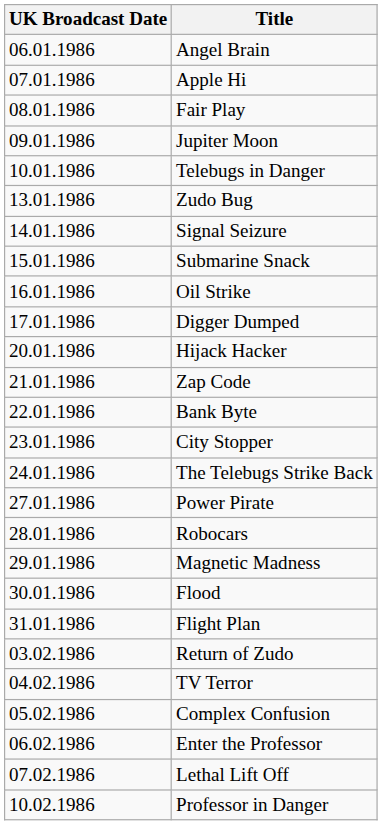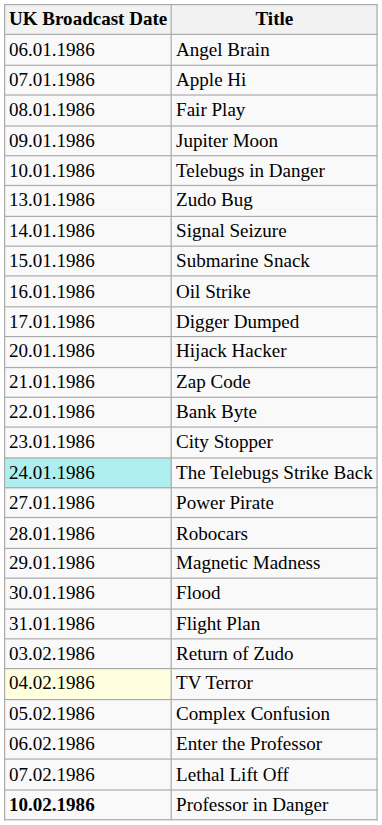 <table class="wikitable mw-collapsible mw-collapsed">
 <tr>
 <th>UK Broadcast Date</th>
 <th>Title</th>
 </tr>
 <tr>
 <td>06.01.1986</td>
 <td>Angel Brain</td>
 </tr>
 <tr>
 <td>07.01.1986</td>
 <td>Apple Hi</td>
 </tr>
 <tr>
 <td>08.01.1986</td>
 <td>Fair Play</td>
 </tr>
 <tr>
 <td>09.01.1986</td>
 <td>Jupiter Moon</td>
 </tr>
 <tr>
 <td>10.01.1986</td>
 <td>Telebugs in Danger</td>
 </tr>
 <tr>
 <td>13.01.1986</td>
 <td>Zudo Bug</td>
 </tr>
 <tr>
 <td>14.01.1986</td>
 <td>Signal Seizure</td>
 </tr>
 <tr>
 <td>15.01.1986</td>
 <td>Submarine Snack</td>
 </tr>
 <tr>
 <td>16.01.1986</td>
 <td>Oil Strike</td>
 </tr>
 <tr>
 <td>17.01.1986</td>
 <td>Digger Dumped</td>
 </tr>
 <tr>
 <td>20.01.1986</td>
 <td>Hijack Hacker</td>
 </tr>
 <tr>
 <td>21.01.1986</td>
 <td>Zap Code</td>
 </tr>
 <tr>
 <td>22.01.1986</td>
 <td>Bank Byte</td>
 </tr>
 <tr>
 <td>23.01.1986</td>
 <td>City Stopper</td>
 </tr>
 <tr>
-<td>24.01.1986</td>
+<td style="background: paleturquoise;">24.01.1986</td>
 <td>The Telebugs Strike Back</td>
 </tr>
 <tr>
 <td>27.01.1986</td>
 <td>Power Pirate</td>
 </tr>
 <tr>
 <td>28.01.1986</td>
 <td>Robocars</td>
 </tr>
 <tr>
 <td>29.01.1986</td>
 <td>Magnetic Madness</td>
 </tr>
 <tr>
 <td>30.01.1986</td>
 <td>Flood</td>
 </tr>
 <tr>
 <td>31.01.1986</td>
 <td>Flight Plan</td>
 </tr>
 <tr>
 <td>03.02.1986</td>
 <td>Return of Zudo</td>
 </tr>
 <tr>
-<td>04.02.1986</td>
+<td style="background: lightyellow;">04.02.1986</td>
 <td>TV Terror</td>
 </tr>
 <tr>
 <td>05.02.1986</td>
 <td>Complex Confusion</td>
 </tr>
 <tr>
 <td>06.02.1986</td>
 <td>Enter the Professor</td>
 </tr>
 <tr>
 <td>07.02.1986</td>
 <td>Lethal Lift Off</td>
 </tr>
 <tr>
-<td>10.02.1986</td>
+<td><strong>10.02.1986</strong></td>
 <td>Professor in Danger</td>
 </tr>
 </table>
